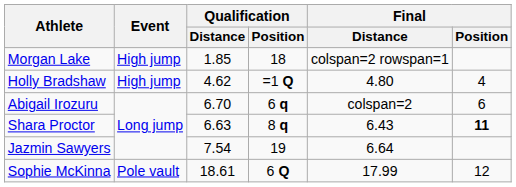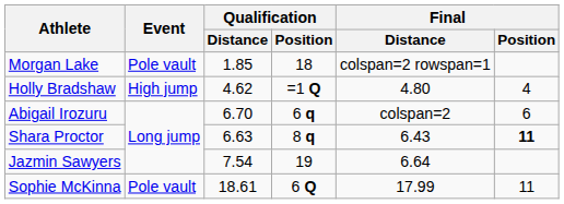 <table class=wikitable style="font-size:90%">
 <tr>
 <th rowspan="2">Athlete</th>
 <th rowspan="2">Event</th>
 <th colspan="2">Qualification</th>
 <th colspan="2">Final</th>
 </tr>
 <tr style="font-size:95%">
 <th>Distance</th>
 <th>Position</th>
 <th>Distance</th>
 <th>Position</th>
 </tr>
 <tr style=text-align:center>
 <td style=text-align:left><a href='#'>Morgan Lake</a></td>
-<td style=text-align:left><a href='#'>High jump</a></td>
+<td style=text-align:left><a href='#'>Pole vault</a></td>
 <td>1.85</td>
 <td>18</td>
 <td>colspan=2 rowspan=1 </td>
 </tr>
 <tr style=text-align:center>
 <td style=text-align:left><a href='#'>Holly Bradshaw</a></td>
 <td style=text-align:left><a href='#'>High jump</a></td>
 <td>4.62</td>
 <td>=1 <strong>Q</strong></td>
 <td>4.80</td>
 <td>4</td>
 </tr>
 <tr style=text-align:center>
 <td style=text-align:left><a href='#'>Abigail Irozuru</a></td>
 <td style=text-align:left rowspan=3><a href='#'>Long jump</a></td>
 <td>6.70</td>
 <td>6 <strong>q</strong></td>
 <td>colspan=2 </td>
 <td>6</td>
 </tr>
 <tr style=text-align:center>
 <td style=text-align:left><a href='#'>Shara Proctor</a></td>
 <td>6.63</td>
 <td>8 <strong>q</strong></td>
 <td>6.43</td>
 <td><strong>11</strong></td>
 </tr>
 <tr style=text-align:center>
 <td style=text-align:left><a href='#'>Jazmin Sawyers</a></td>
 <td>7.54</td>
 <td>19</td>
 <td>6.64</td>
 </tr>
 <tr style=text-align:center>
 <td style=text-align:left><a href='#'>Sophie McKinna</a></td>
 <td style=text-align:left><a href='#'>Pole vault</a></td>
 <td>18.61 </td>
 <td>6 <strong>Q</strong></td>
 <td>17.99</td>
-<td>12</td>
+<td>11</td>
 </tr>
 </table>
